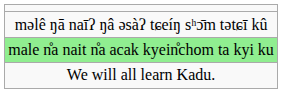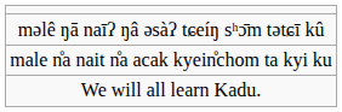 <table class="wikitable" style="text-align:center">
 <tr>
 <td></td>
 </tr>
 <tr>
 <td>məlê ŋā naīʔ ŋâ əsàʔ tɕeíŋ sʰɔ̄m tətɕī kû</td>
 </tr>
 <tr>
-<td style="background: lightgreen;">male n̊a nait n̊a acak kyein̊chom ta kyi ku</td>
+<td>male n̊a nait n̊a acak kyein̊chom ta kyi ku</td>
 </tr>
 <tr>
 <td>We will all learn Kadu.</td>
 </tr>
 </table>
